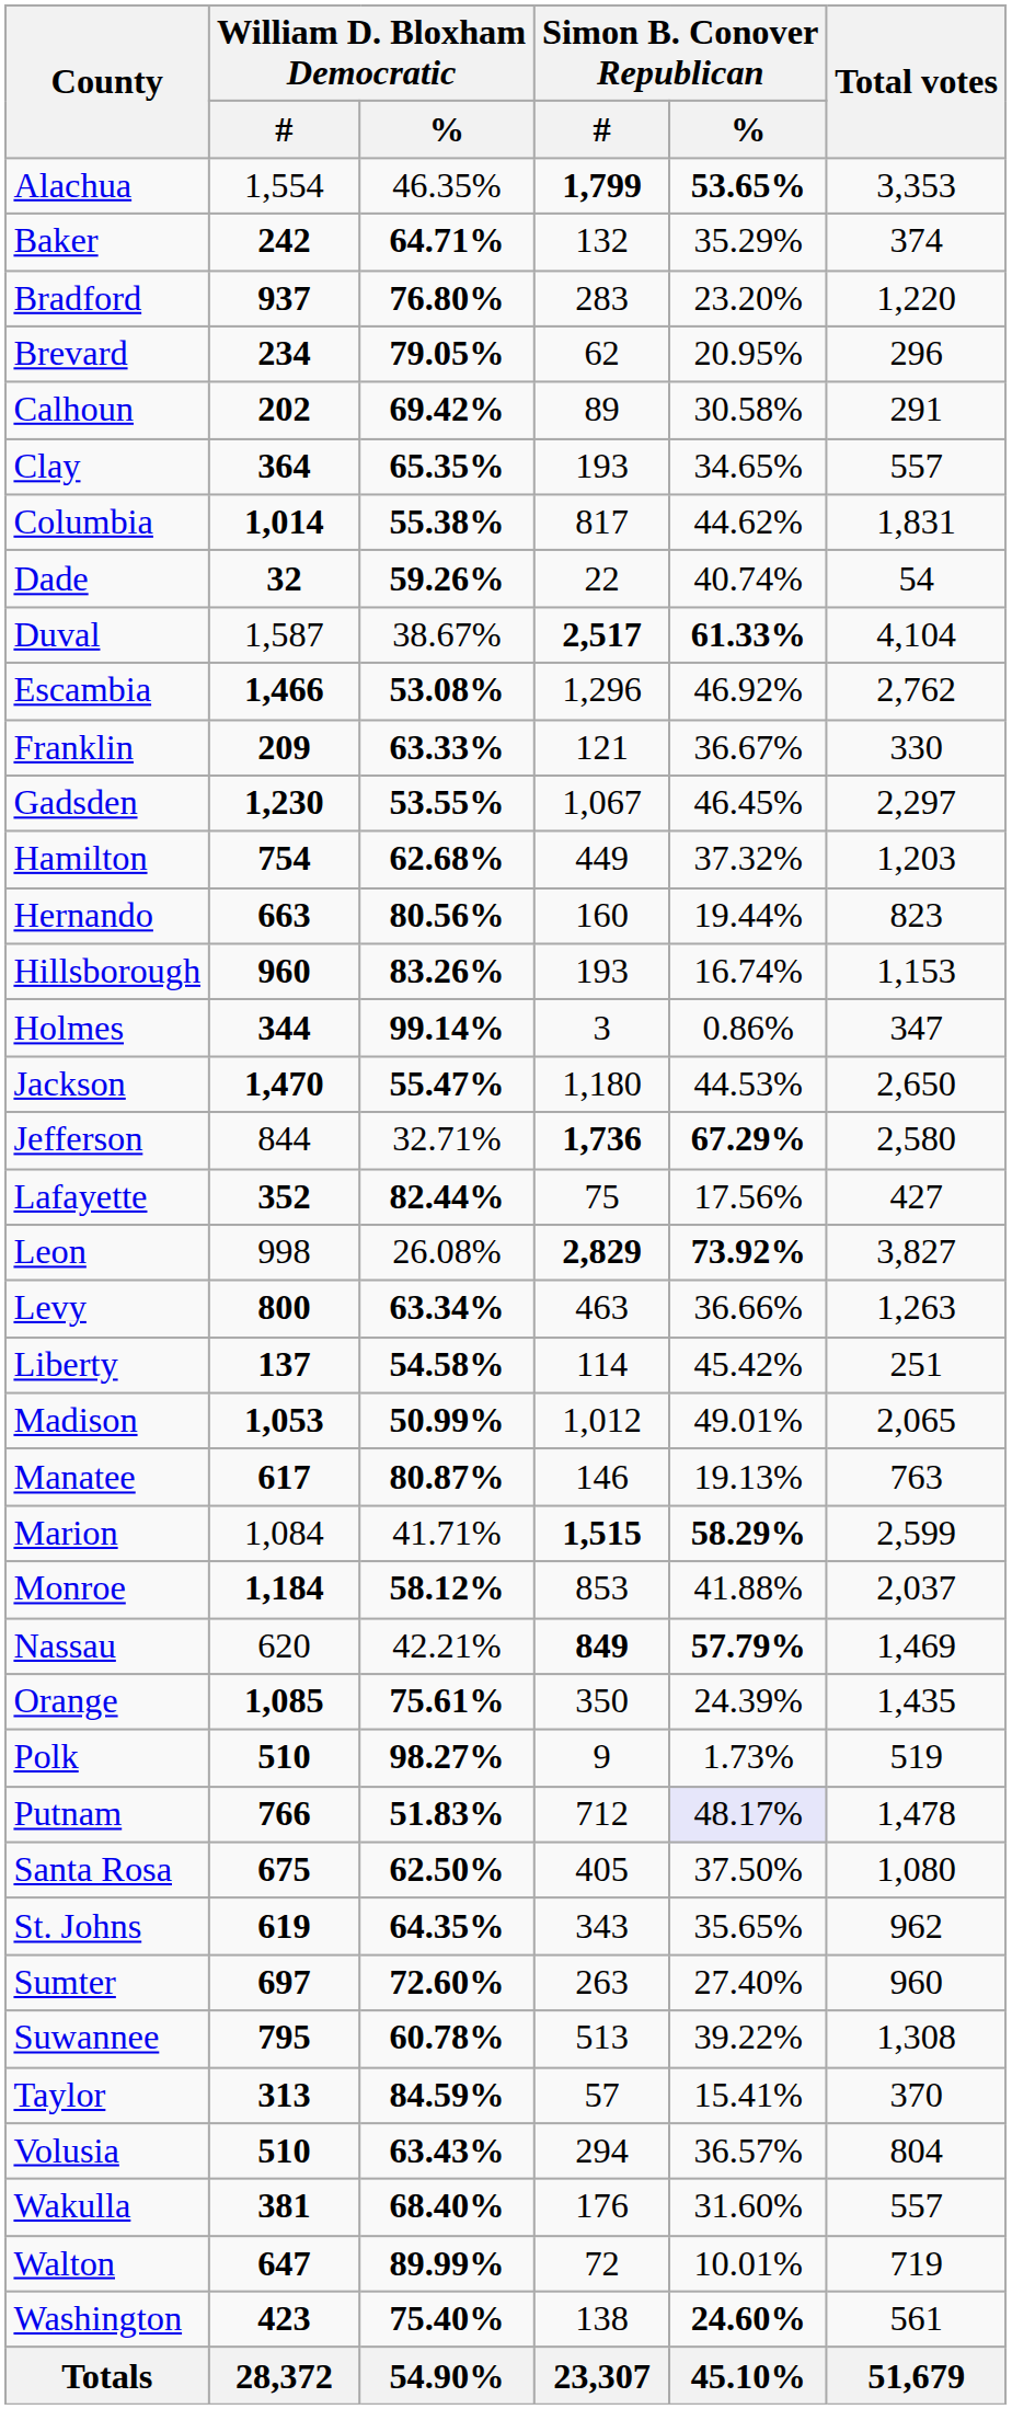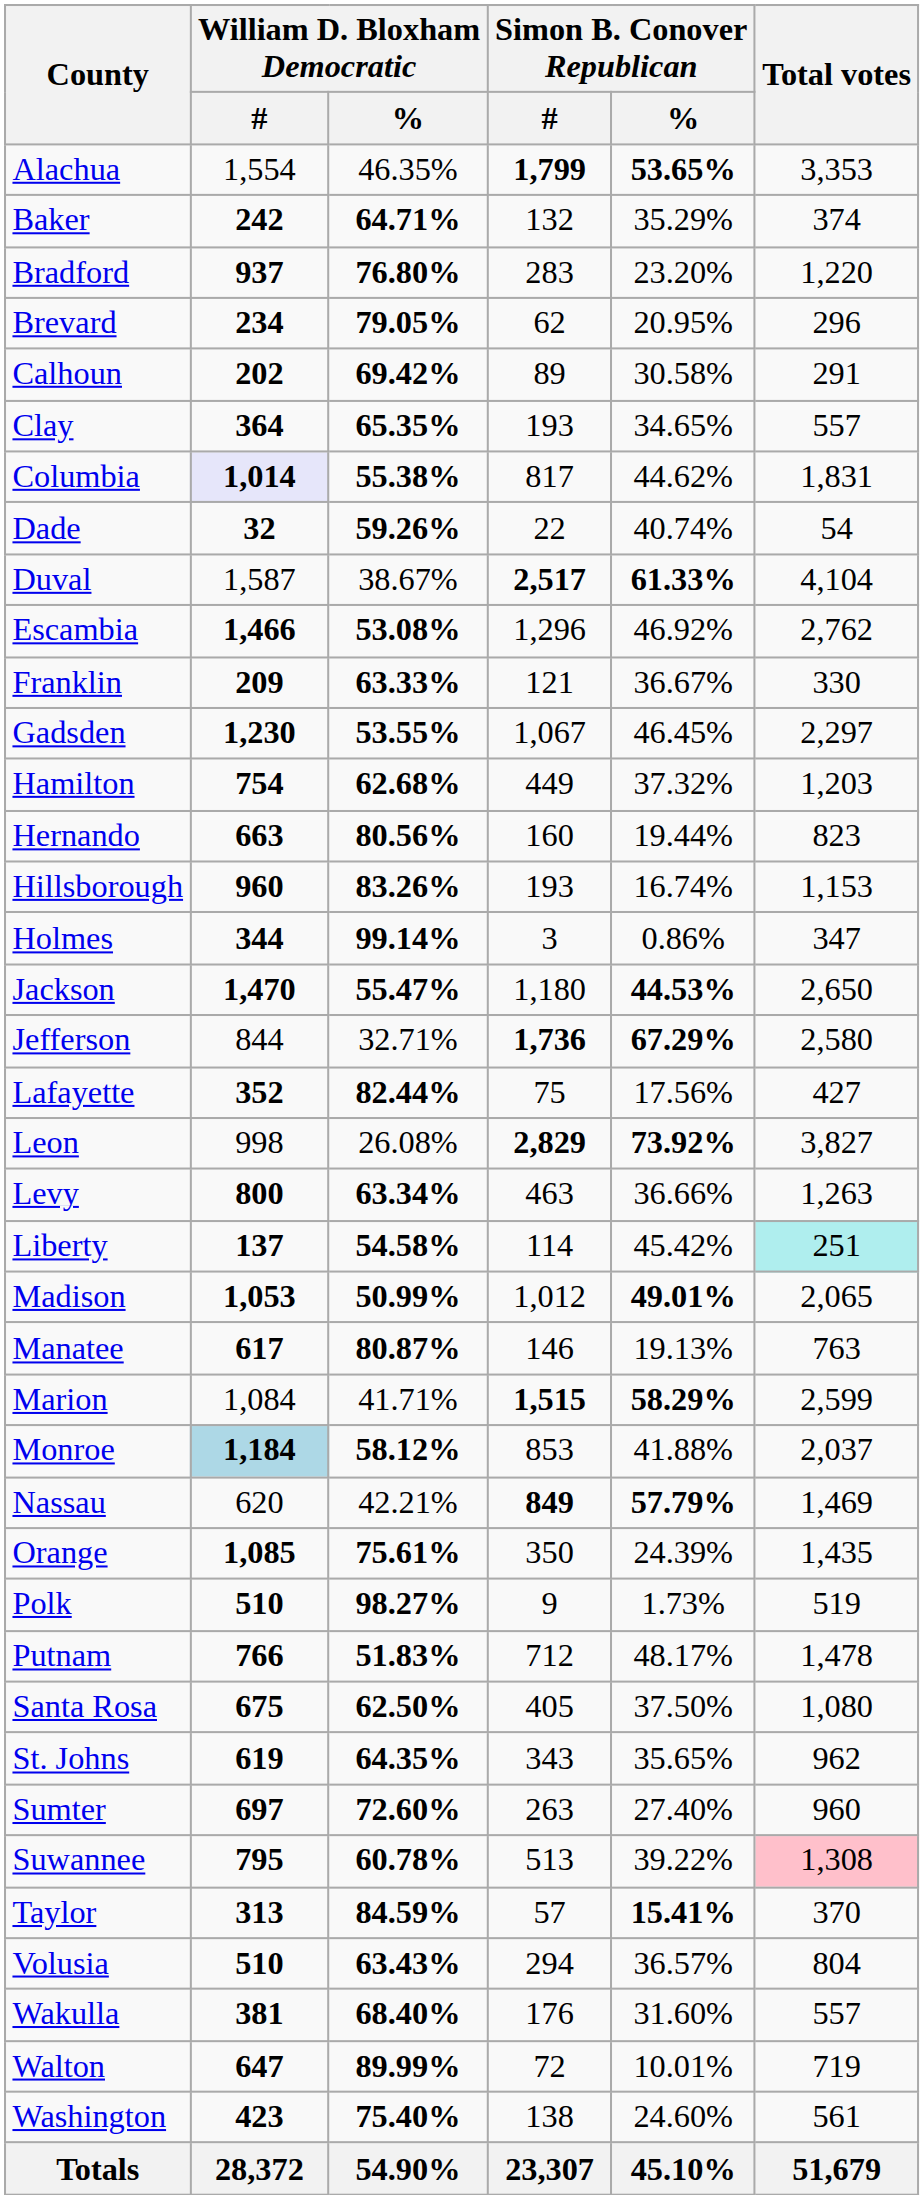 <table class="wikitable sortable">
 <tr>
 <th rowspan="2">County</th>
 <th colspan="2" style="text-align: center;" >William D. Bloxham <br><em>Democratic</em></th>
 <th colspan="2" style="text-align: center;" >Simon B. Conover <br> <em>Republican</em></th>
 <th rowspan="2">Total votes</th>
 </tr>
 <tr>
 <th colspan="1" style="text-align: center;" >#</th>
 <th colspan="1" style="text-align: center;" >%</th>
 <th colspan="1" style="text-align: center;" >#</th>
 <th colspan="1" style="text-align: center;" >%</th>
 </tr>
 <tr>
 <td><a href='#'>Alachua</a></td>
 <td align="center">1,554</td>
 <td align="center">46.35%</td>
 <td align="center"><strong>1,799</strong></td>
 <td align="center"><strong>53.65%</strong></td>
 <td align="center">3,353</td>
 </tr>
 <tr>
 <td><a href='#'>Baker</a></td>
 <td align="center"><strong>242</strong></td>
 <td align="center"><strong>64.71%</strong></td>
 <td align="center">132</td>
 <td align="center">35.29%</td>
 <td align="center">374</td>
 </tr>
 <tr>
 <td><a href='#'>Bradford</a></td>
 <td align="center"><strong>937</strong></td>
 <td align="center"><strong>76.80%</strong></td>
 <td align="center">283</td>
 <td align="center">23.20%</td>
 <td align="center">1,220</td>
 </tr>
 <tr>
 <td><a href='#'>Brevard</a></td>
 <td align="center"><strong>234</strong></td>
 <td align="center"><strong>79.05%</strong></td>
 <td align="center">62</td>
 <td align="center">20.95%</td>
 <td align="center">296</td>
 </tr>
 <tr>
 <td><a href='#'>Calhoun</a></td>
 <td align="center"><strong>202</strong></td>
 <td align="center"><strong>69.42%</strong></td>
 <td align="center">89</td>
 <td align="center">30.58%</td>
 <td align="center">291</td>
 </tr>
 <tr>
 <td><a href='#'>Clay</a></td>
 <td align="center"><strong>364</strong></td>
 <td align="center"><strong>65.35%</strong></td>
 <td align="center">193</td>
 <td align="center">34.65%</td>
 <td align="center">557</td>
 </tr>
 <tr>
 <td><a href='#'>Columbia</a></td>
-<td align="center"><strong>1,014</strong></td>
+<td align="center" style="background: lavender;"><strong>1,014</strong></td>
 <td align="center"><strong>55.38%</strong></td>
 <td align="center">817</td>
 <td align="center">44.62%</td>
 <td align="center">1,831</td>
 </tr>
 <tr>
 <td><a href='#'>Dade</a></td>
 <td align="center"><strong>32</strong></td>
 <td align="center"><strong>59.26%</strong></td>
 <td align="center">22</td>
 <td align="center">40.74%</td>
 <td align="center">54</td>
 </tr>
 <tr>
 <td><a href='#'>Duval</a></td>
 <td align="center">1,587</td>
 <td align="center">38.67%</td>
 <td align="center"><strong>2,517</strong></td>
 <td align="center"><strong>61.33%</strong></td>
 <td align="center">4,104</td>
 </tr>
 <tr>
 <td><a href='#'>Escambia</a></td>
 <td align="center"><strong>1,466</strong></td>
 <td align="center"><strong>53.08%</strong></td>
 <td align="center">1,296</td>
 <td align="center">46.92%</td>
 <td align="center">2,762</td>
 </tr>
 <tr>
 <td><a href='#'>Franklin</a></td>
 <td align="center"><strong>209</strong></td>
 <td align="center"><strong>63.33%</strong></td>
 <td align="center">121</td>
 <td align="center">36.67%</td>
 <td align="center">330</td>
 </tr>
 <tr>
 <td><a href='#'>Gadsden</a></td>
 <td align="center"><strong>1,230</strong></td>
 <td align="center"><strong>53.55%</strong></td>
 <td align="center">1,067</td>
 <td align="center">46.45%</td>
 <td align="center">2,297</td>
 </tr>
 <tr>
 <td><a href='#'>Hamilton</a></td>
 <td align="center"><strong>754</strong></td>
 <td align="center"><strong>62.68%</strong></td>
 <td align="center">449</td>
 <td align="center">37.32%</td>
 <td align="center">1,203</td>
 </tr>
 <tr>
 <td><a href='#'>Hernando</a></td>
 <td align="center"><strong>663</strong></td>
 <td align="center"><strong>80.56%</strong></td>
 <td align="center">160</td>
 <td align="center">19.44%</td>
 <td align="center">823</td>
 </tr>
 <tr>
 <td><a href='#'>Hillsborough</a></td>
 <td align="center"><strong>960</strong></td>
 <td align="center"><strong>83.26%</strong></td>
 <td align="center">193</td>
 <td align="center">16.74%</td>
 <td align="center">1,153</td>
 </tr>
 <tr>
 <td><a href='#'>Holmes</a></td>
 <td align="center"><strong>344</strong></td>
 <td align="center"><strong>99.14%</strong></td>
 <td align="center">3</td>
 <td align="center">0.86%</td>
 <td align="center">347</td>
 </tr>
 <tr>
 <td><a href='#'>Jackson</a></td>
 <td align="center"><strong>1,470</strong></td>
 <td align="center"><strong>55.47%</strong></td>
 <td align="center">1,180</td>
-<td align="center">44.53%</td>
+<td align="center"><strong>44.53%</strong></td>
 <td align="center">2,650</td>
 </tr>
 <tr>
 <td><a href='#'>Jefferson</a></td>
 <td align="center">844</td>
 <td align="center">32.71%</td>
 <td align="center"><strong>1,736</strong></td>
 <td align="center"><strong>67.29%</strong></td>
 <td align="center">2,580</td>
 </tr>
 <tr>
 <td><a href='#'>Lafayette</a></td>
 <td align="center"><strong>352</strong></td>
 <td align="center"><strong>82.44%</strong></td>
 <td align="center">75</td>
 <td align="center">17.56%</td>
 <td align="center">427</td>
 </tr>
 <tr>
 <td><a href='#'>Leon</a></td>
 <td align="center">998</td>
 <td align="center">26.08%</td>
 <td align="center"><strong>2,829</strong></td>
 <td align="center"><strong>73.92%</strong></td>
 <td align="center">3,827</td>
 </tr>
 <tr>
 <td><a href='#'>Levy</a></td>
 <td align="center"><strong>800</strong></td>
 <td align="center"><strong>63.34%</strong></td>
 <td align="center">463</td>
 <td align="center">36.66%</td>
 <td align="center">1,263</td>
 </tr>
 <tr>
 <td><a href='#'>Liberty</a></td>
 <td align="center"><strong>137</strong></td>
 <td align="center"><strong>54.58%</strong></td>
 <td align="center">114</td>
 <td align="center">45.42%</td>
-<td align="center">251</td>
+<td align="center" style="background: paleturquoise;">251</td>
 </tr>
 <tr>
 <td><a href='#'>Madison</a></td>
 <td align="center"><strong>1,053</strong></td>
 <td align="center"><strong>50.99%</strong></td>
 <td align="center">1,012</td>
-<td align="center">49.01%</td>
+<td align="center"><strong>49.01%</strong></td>
 <td align="center">2,065</td>
 </tr>
 <tr>
 <td><a href='#'>Manatee</a></td>
 <td align="center"><strong>617</strong></td>
 <td align="center"><strong>80.87%</strong></td>
 <td align="center">146</td>
 <td align="center">19.13%</td>
 <td align="center">763</td>
 </tr>
 <tr>
 <td><a href='#'>Marion</a></td>
 <td align="center">1,084</td>
 <td align="center">41.71%</td>
 <td align="center"><strong>1,515</strong></td>
 <td align="center"><strong>58.29%</strong></td>
 <td align="center">2,599</td>
 </tr>
 <tr>
 <td><a href='#'>Monroe</a></td>
-<td align="center"><strong>1,184</strong></td>
+<td align="center" style="background: lightblue;"><strong>1,184</strong></td>
 <td align="center"><strong>58.12%</strong></td>
 <td align="center">853</td>
 <td align="center">41.88%</td>
 <td align="center">2,037</td>
 </tr>
 <tr>
 <td><a href='#'>Nassau</a></td>
 <td align="center">620</td>
 <td align="center">42.21%</td>
 <td align="center"><strong>849</strong></td>
 <td align="center"><strong>57.79%</strong></td>
 <td align="center">1,469</td>
 </tr>
 <tr>
 <td><a href='#'>Orange</a></td>
 <td align="center"><strong>1,085</strong></td>
 <td align="center"><strong>75.61%</strong></td>
 <td align="center">350</td>
 <td align="center">24.39%</td>
 <td align="center">1,435</td>
 </tr>
 <tr>
 <td><a href='#'>Polk</a></td>
 <td align="center"><strong>510</strong></td>
 <td align="center"><strong>98.27%</strong></td>
 <td align="center">9</td>
 <td align="center">1.73%</td>
 <td align="center">519</td>
 </tr>
 <tr>
 <td><a href='#'>Putnam</a></td>
 <td align="center"><strong>766</strong></td>
 <td align="center"><strong>51.83%</strong></td>
 <td align="center">712</td>
-<td align="center" style="background: lavender;">48.17%</td>
+<td align="center">48.17%</td>
 <td align="center">1,478</td>
 </tr>
 <tr>
 <td><a href='#'>Santa Rosa</a></td>
 <td align="center"><strong>675</strong></td>
 <td align="center"><strong>62.50%</strong></td>
 <td align="center">405</td>
 <td align="center">37.50%</td>
 <td align="center">1,080</td>
 </tr>
 <tr>
 <td><a href='#'>St. Johns</a></td>
 <td align="center"><strong>619</strong></td>
 <td align="center"><strong>64.35%</strong></td>
 <td align="center">343</td>
 <td align="center">35.65%</td>
 <td align="center">962</td>
 </tr>
 <tr>
 <td><a href='#'>Sumter</a></td>
 <td align="center"><strong>697</strong></td>
 <td align="center"><strong>72.60%</strong></td>
 <td align="center">263</td>
 <td align="center">27.40%</td>
 <td align="center">960</td>
 </tr>
 <tr>
 <td><a href='#'>Suwannee</a></td>
 <td align="center"><strong>795</strong></td>
 <td align="center"><strong>60.78%</strong></td>
 <td align="center">513</td>
 <td align="center">39.22%</td>
-<td align="center">1,308</td>
+<td align="center" style="background: pink;">1,308</td>
 </tr>
 <tr>
 <td><a href='#'>Taylor</a></td>
 <td align="center"><strong>313</strong></td>
 <td align="center"><strong>84.59%</strong></td>
 <td align="center">57</td>
-<td align="center">15.41%</td>
+<td align="center"><strong>15.41%</strong></td>
 <td align="center">370</td>
 </tr>
 <tr>
 <td><a href='#'>Volusia</a></td>
 <td align="center"><strong>510</strong></td>
 <td align="center"><strong>63.43%</strong></td>
 <td align="center">294</td>
 <td align="center">36.57%</td>
 <td align="center">804</td>
 </tr>
 <tr>
 <td><a href='#'>Wakulla</a></td>
 <td align="center"><strong>381</strong></td>
 <td align="center"><strong>68.40%</strong></td>
 <td align="center">176</td>
 <td align="center">31.60%</td>
 <td align="center">557</td>
 </tr>
 <tr>
 <td><a href='#'>Walton</a></td>
 <td align="center"><strong>647</strong></td>
 <td align="center"><strong>89.99%</strong></td>
 <td align="center">72</td>
 <td align="center">10.01%</td>
 <td align="center">719</td>
 </tr>
 <tr>
 <td><a href='#'>Washington</a></td>
 <td align="center"><strong>423</strong></td>
 <td align="center"><strong>75.40%</strong></td>
 <td align="center">138</td>
-<td align="center"><strong>24.60%</strong></td>
+<td align="center">24.60%</td>
 <td align="center">561</td>
 </tr>
 <tr>
 <th>Totals</th>
 <th>28,372</th>
 <th>54.90%</th>
 <th>23,307</th>
 <th>45.10%</th>
 <th>51,679</th>
 </tr>
 </table>
